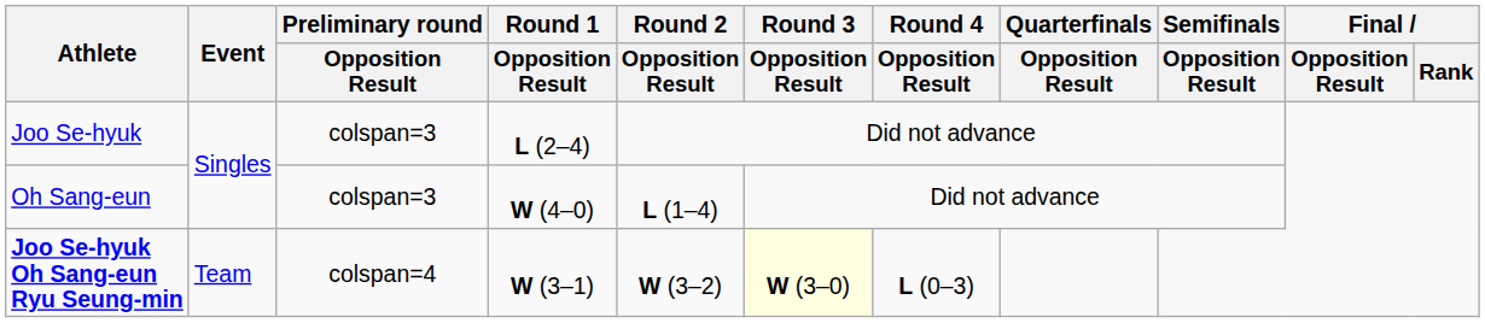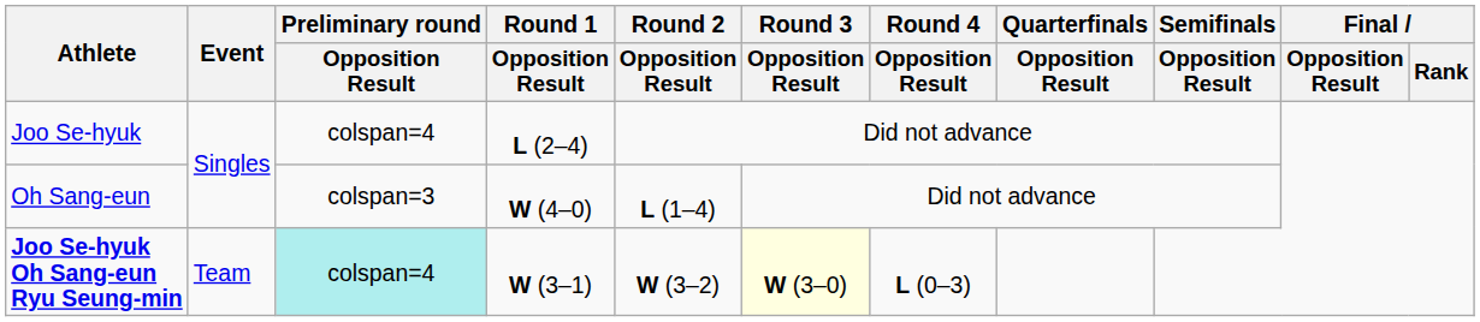 <table class="wikitable" style="font-size:90%">
 <tr>
 <th rowspan=2>Athlete</th>
 <th rowspan=2>Event</th>
 <th>Preliminary round</th>
 <th>Round 1</th>
 <th>Round 2</th>
 <th>Round 3</th>
 <th>Round 4</th>
 <th>Quarterfinals</th>
 <th>Semifinals</th>
 <th colspan=2>Final / </th>
 </tr>
 <tr style="font-size:95%">
 <th>Opposition<br>Result</th>
 <th>Opposition<br>Result</th>
 <th>Opposition<br>Result</th>
 <th>Opposition<br>Result</th>
 <th>Opposition<br>Result</th>
 <th>Opposition<br>Result</th>
 <th>Opposition<br>Result</th>
 <th>Opposition<br>Result</th>
 <th>Rank</th>
 </tr>
 <tr align=center>
 <td align=left><a href='#'>Joo Se-hyuk</a></td>
 <td align=left rowspan=2><a href='#'>Singles</a></td>
-<td>colspan=3 </td>
+<td>colspan=4 </td>
 <td><br><strong>L</strong> (2–4)</td>
 <td colspan=5>Did not advance</td>
 </tr>
 <tr align=center>
 <td align=left><a href='#'>Oh Sang-eun</a></td>
 <td>colspan=3 </td>
 <td><br><strong>W</strong> (4–0)</td>
 <td><br><strong>L</strong> (1–4)</td>
 <td colspan=4>Did not advance</td>
 </tr>
 <tr align=center>
 <td align=left><strong><a href='#'>Joo Se-hyuk</a><br><a href='#'>Oh Sang-eun</a><br><a href='#'>Ryu Seung-min</a></strong></td>
 <td align=left><a href='#'>Team</a></td>
-<td>colspan=4 </td>
+<td style="background: paleturquoise;">colspan=4 </td>
 <td><br><strong>W</strong> (3–1)</td>
 <td><br><strong>W</strong> (3–2)</td>
 <td style="background: lightyellow;"><br><strong>W</strong> (3–0)</td>
 <td><br><strong>L</strong> (0–3)</td>
 <td></td>
 </tr>
 </table>
